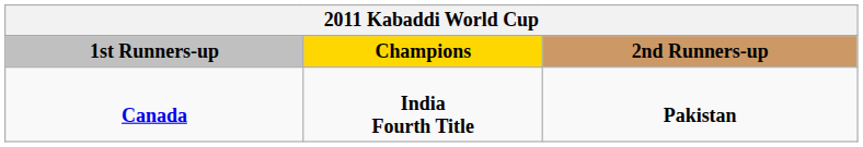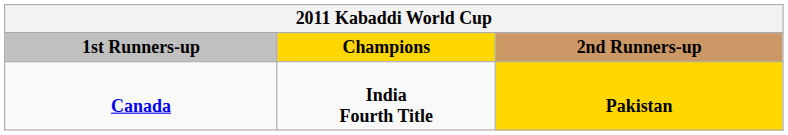 <table class="wikitable" width=55%; style="margin:1em auto; text-align:center;">
 <tr>
 <th colspan=3>2011 Kabaddi World Cup</th>
 </tr>
 <tr>
 <td style="background:silver;"><strong>1st Runners-up</strong></td>
 <td style="background:gold;"><strong>Champions</strong></td>
 <td style="background:#c96;"><strong>2nd Runners-up</strong></td>
 </tr>
 <tr>
 <td><br><strong><a href='#'>Canada</a></strong></td>
 <td><br><strong>India</strong><br> <strong>Fourth Title</strong></td>
-<td><br><strong>Pakistan</strong></td>
+<td style="background: gold;"><br><strong>Pakistan</strong></td>
 </tr>
 </table>
